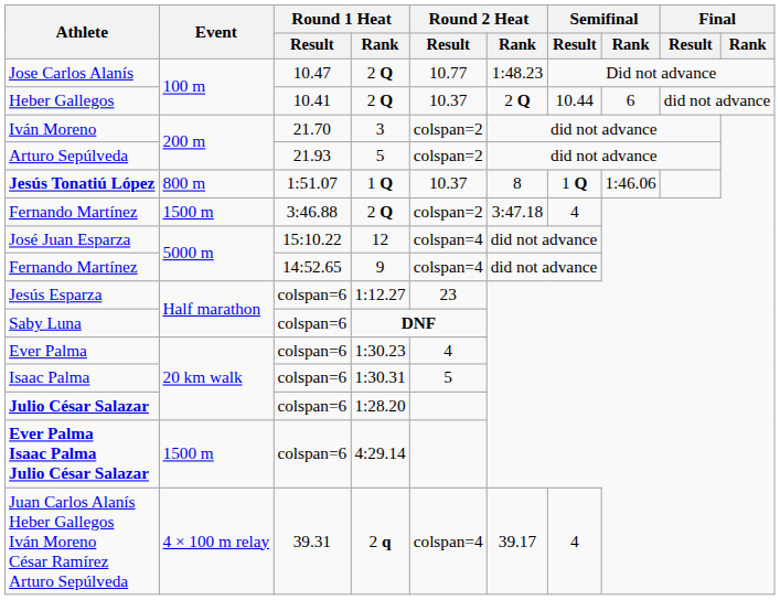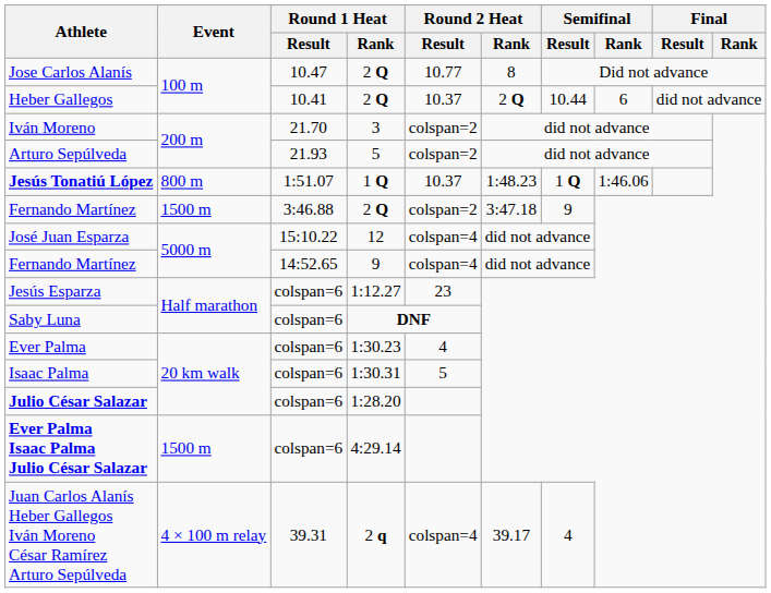 <table class="wikitable" style="font-size:90%">
 <tr>
 <th rowspan="2">Athlete</th>
 <th rowspan="2">Event</th>
 <th colspan="2">Round 1 Heat</th>
 <th colspan="2">Round 2 Heat</th>
 <th colspan="2">Semifinal</th>
 <th colspan="2">Final</th>
 </tr>
 <tr style="font-size:95%">
 <th>Result</th>
 <th>Rank</th>
 <th>Result</th>
 <th>Rank</th>
 <th>Result</th>
 <th>Rank</th>
 <th>Result</th>
 <th>Rank</th>
 </tr>
 <tr align=center>
 <td align=left><a href='#'>Jose Carlos Alanís</a></td>
 <td align=left rowspan = 2><a href='#'>100 m</a></td>
 <td>10.47</td>
 <td>2 <strong>Q</strong></td>
 <td>10.77</td>
-<td>1:48.23</td>
+<td>8</td>
 <td colspan = 4>Did not advance</td>
 </tr>
 <tr align=center>
 <td align=left><a href='#'>Heber Gallegos</a></td>
 <td>10.41</td>
 <td>2 <strong>Q</strong></td>
 <td>10.37</td>
 <td>2 <strong>Q</strong></td>
 <td>10.44</td>
 <td>6</td>
 <td colspan=2>did not advance</td>
 </tr>
 <tr align=center>
 <td align=left><a href='#'>Iván Moreno</a></td>
 <td align=left rowspan = 2><a href='#'>200 m</a></td>
 <td>21.70</td>
 <td>3</td>
 <td>colspan=2 </td>
 <td colspan=4>did not advance</td>
 </tr>
 <tr align=center>
 <td align=left><a href='#'>Arturo Sepúlveda</a></td>
 <td>21.93</td>
 <td>5</td>
 <td>colspan=2 </td>
 <td colspan=4>did not advance</td>
 </tr>
 <tr align=center>
 <td align=left><strong><a href='#'>Jesús Tonatiú López</a></strong></td>
 <td align=left><a href='#'>800 m</a></td>
 <td>1:51.07</td>
 <td>1 <strong>Q</strong></td>
 <td>10.37</td>
-<td>8</td>
+<td>1:48.23</td>
 <td>1 <strong>Q</strong></td>
 <td>1:46.06</td>
 <td></td>
 </tr>
 <tr align=center>
 <td align=left><a href='#'>Fernando Martínez</a></td>
 <td align=left><a href='#'>1500 m</a></td>
 <td>3:46.88</td>
 <td>2 <strong>Q</strong></td>
 <td>colspan=2 </td>
 <td>3:47.18</td>
-<td>4</td>
+<td>9</td>
 </tr>
 <tr align=center>
 <td align=left><a href='#'>José Juan Esparza</a></td>
 <td align=left rowspan = 2><a href='#'>5000 m</a></td>
 <td>15:10.22</td>
 <td>12</td>
 <td>colspan=4 </td>
 <td colspan=2>did not advance</td>
 </tr>
 <tr align=center>
 <td align=left><a href='#'>Fernando Martínez</a></td>
 <td>14:52.65</td>
 <td>9</td>
 <td>colspan=4 </td>
 <td colspan=2>did not advance</td>
 </tr>
 <tr align=center>
 <td align=left><a href='#'>Jesús Esparza</a></td>
 <td align=left rowspan = 2><a href='#'>Half marathon</a></td>
 <td>colspan=6 </td>
 <td>1:12.27</td>
 <td>23</td>
 </tr>
 <tr align=center>
 <td align=left><a href='#'>Saby Luna</a></td>
 <td>colspan=6 </td>
 <td colspan=2><strong>DNF</strong></td>
 </tr>
 <tr align=center>
 <td align=left><a href='#'>Ever Palma</a></td>
 <td align=left rowspan = 3><a href='#'>20 km walk</a></td>
 <td>colspan=6 </td>
 <td>1:30.23</td>
 <td>4</td>
 </tr>
 <tr align=center>
 <td align=left><a href='#'>Isaac Palma</a></td>
 <td>colspan=6 </td>
 <td>1:30.31</td>
 <td>5</td>
 </tr>
 <tr align=center>
 <td align=left><strong><a href='#'>Julio César Salazar</a></strong></td>
 <td>colspan=6 </td>
 <td>1:28.20</td>
 <td></td>
 </tr>
 <tr align=center>
 <td align=left><strong><a href='#'>Ever Palma</a><br><a href='#'>Isaac Palma</a><br><a href='#'>Julio César Salazar</a></strong></td>
 <td align=left><a href='#'>1500 m</a></td>
 <td>colspan=6 </td>
 <td>4:29.14</td>
 <td></td>
 </tr>
 <tr align=center>
 <td align=left><a href='#'>Juan Carlos Alanís</a><br><a href='#'>Heber Gallegos</a><br><a href='#'>Iván Moreno</a><br><a href='#'>César Ramírez</a><br><a href='#'>Arturo Sepúlveda</a></td>
 <td align=left><a href='#'>4 × 100 m relay</a></td>
 <td>39.31</td>
 <td>2 <strong>q</strong></td>
 <td>colspan=4 </td>
 <td>39.17</td>
 <td>4</td>
 </tr>
 </table>
